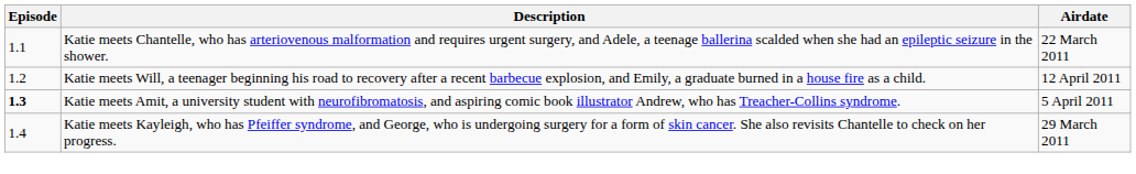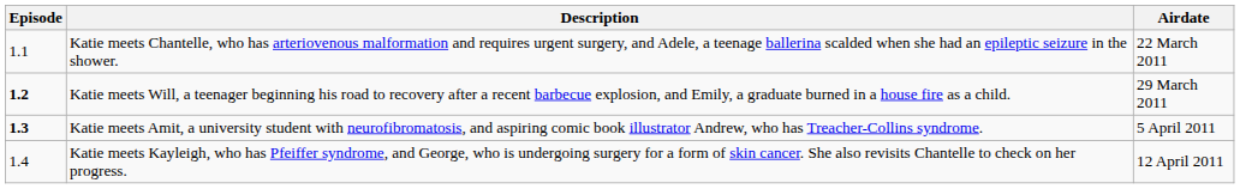 <table class="wikitable">
 <tr>
 <th>Episode</th>
 <th>Description</th>
 <th>Airdate</th>
 </tr>
 <tr>
 <td>1.1</td>
 <td>Katie meets Chantelle, who has <a href='#'>arteriovenous malformation</a> and requires urgent surgery, and Adele, a teenage <a href='#'>ballerina</a> scalded when she had an <a href='#'>epileptic seizure</a> in the shower.</td>
 <td>22 March 2011</td>
 </tr>
 <tr>
-<td>1.2</td>
+<td><strong>1.2</strong></td>
 <td>Katie meets Will, a teenager beginning his road to recovery after a recent <a href='#'>barbecue</a> explosion, and Emily, a graduate burned in a <a href='#'>house fire</a> as a child.</td>
-<td>12 April 2011</td>
+<td>29 March 2011</td>
 </tr>
 <tr>
 <td><strong>1.3</strong></td>
 <td>Katie meets Amit, a university student with <a href='#'>neurofibromatosis</a>, and aspiring comic book <a href='#'>illustrator</a> Andrew, who has <a href='#'>Treacher-Collins syndrome</a>.</td>
 <td>5 April 2011</td>
 </tr>
 <tr>
 <td>1.4</td>
 <td>Katie meets Kayleigh, who has <a href='#'>Pfeiffer syndrome</a>, and George, who is undergoing surgery for a form of <a href='#'>skin cancer</a>. She also revisits Chantelle to check on her progress.</td>
-<td>29 March 2011</td>
+<td>12 April 2011</td>
 </tr>
 </table>
